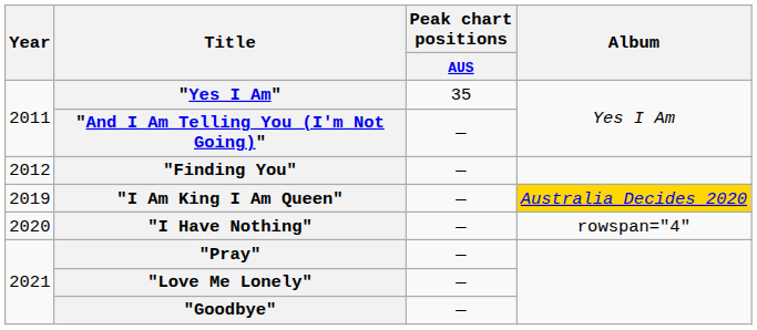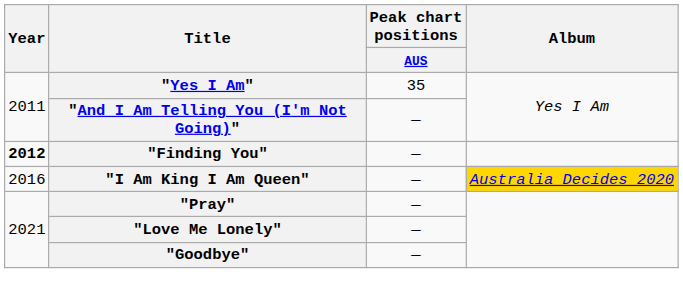 <table class="wikitable plainrowheaders" style="text-align:center;" border="1">
 <tr>
 <th scope="col" rowspan="2">Year</th>
 <th scope="col" rowspan="2" style="width:20em;">Title</th>
 <th scope="col" colspan="1">Peak chart<br>positions</th>
 <th scope="col" rowspan="2">Album</th>
 </tr>
 <tr>
 <th scope="col" style="text-align:center;"><small><a href='#'>AUS</a><br></small></th>
 </tr>
 <tr>
 <td rowspan="2">2011</td>
 <th scope="row">"<a href='#'>Yes I Am</a>"</th>
 <td>35</td>
 <td rowspan="2"><em>Yes I Am</em></td>
 </tr>
 <tr>
 <th scope="row">"<a href='#'>And I Am Telling You (I'm Not Going)</a>"</th>
 <td>—</td>
 </tr>
 <tr>
-<td>2012</td>
+<td><strong>2012</strong></td>
 <th scope="row">"Finding You"</th>
 <td>—</td>
 <td></td>
 </tr>
 <tr>
-<td>2019</td>
+<td>2016</td>
 <th scope="row">"I Am King I Am Queen"</th>
 <td>—</td>
 <td style="background: gold;"><em><a href='#'>Australia Decides 2020</a></em></td>
-</tr>
-<tr>
-<td>2020</td>
-<th scope="row">"I Have Nothing"</th>
-<td>—</td>
-<td>rowspan="4" </td>
 </tr>
 <tr>
 <td rowspan="3">2021</td>
 <th scope="row">"Pray"</th>
 <td>—</td>
 </tr>
 <tr>
 <th scope="row">"Love Me Lonely"</th>
 <td>—</td>
 </tr>
 <tr>
 <th scope="row">"Goodbye"</th>
 <td>—</td>
 </tr>
 </table>
